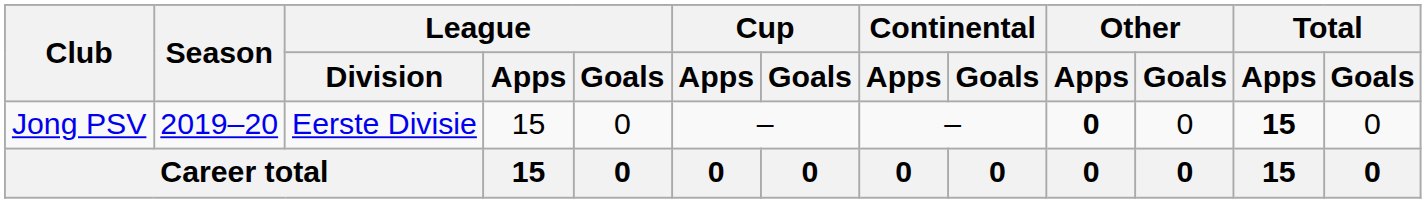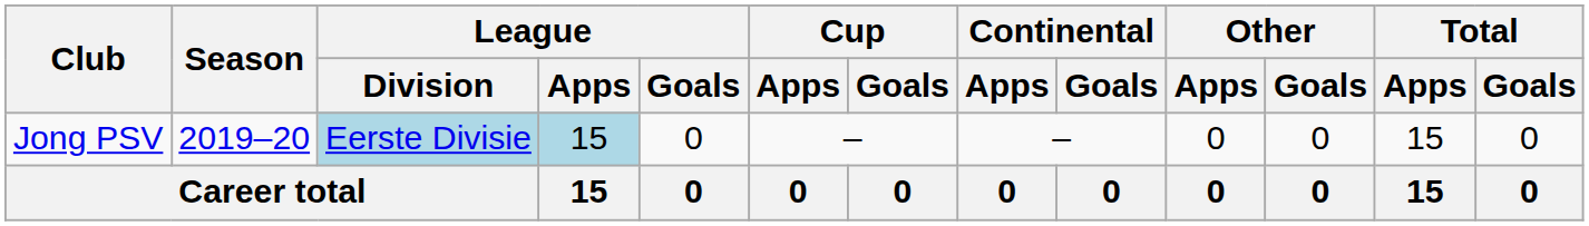 <table class="wikitable" style="text-align: center">
 <tr>
 <th rowspan="2">Club</th>
 <th rowspan="2">Season</th>
 <th colspan="3">League</th>
 <th colspan="2">Cup</th>
 <th colspan="2">Continental</th>
 <th colspan="2">Other</th>
 <th colspan="2">Total</th>
 </tr>
 <tr>
 <th>Division</th>
 <th>Apps</th>
 <th>Goals</th>
 <th>Apps</th>
 <th>Goals</th>
 <th>Apps</th>
 <th>Goals</th>
 <th>Apps</th>
 <th>Goals</th>
 <th>Apps</th>
 <th>Goals</th>
 </tr>
 <tr>
 <td><a href='#'>Jong PSV</a></td>
 <td><a href='#'>2019–20</a></td>
-<td><a href='#'>Eerste Divisie</a></td>
-<td>15</td>
+<td style="background: lightblue;"><a href='#'>Eerste Divisie</a></td>
+<td style="background: lightblue;">15</td>
 <td>0</td>
 <td colspan="2">–</td>
 <td colspan="2">–</td>
-<td><strong>0</strong></td>
 <td>0</td>
-<td><strong>15</strong></td>
+<td>0</td>
+<td>15</td>
 <td>0</td>
 </tr>
 <tr>
 <th colspan=3>Career total</th>
 <th>15</th>
 <th>0</th>
 <th>0</th>
 <th>0</th>
 <th>0</th>
 <th>0</th>
 <th>0</th>
 <th>0</th>
 <th>15</th>
 <th>0</th>
 </tr>
 </table>
